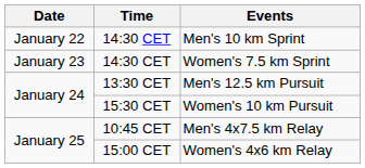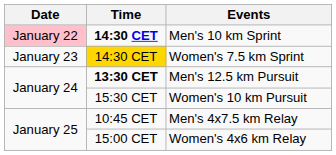 <table class="wikitable" style="text-align: center" width="400">
 <tr>
 <th>Date</th>
 <th>Time</th>
 <th>Events</th>
 </tr>
 <tr>
-<td>January 22</td>
-<td>14:30 <a href='#'>CET</a></td>
+<td style="background: pink;">January 22</td>
+<td><strong>14:30 <a href='#'>CET</a></strong></td>
 <td style="text-align: left">Men's 10 km Sprint</td>
 </tr>
 <tr>
 <td>January 23</td>
-<td>14:30 CET</td>
+<td style="background: gold;">14:30 CET</td>
 <td style="text-align: left">Women's 7.5 km Sprint</td>
 </tr>
 <tr>
 <td rowspan=2>January 24</td>
-<td>13:30 CET</td>
+<td><strong>13:30 CET</strong></td>
 <td style="text-align: left">Men's 12.5 km Pursuit</td>
 </tr>
 <tr>
 <td>15:30 CET</td>
 <td style="text-align: left">Women's 10 km Pursuit</td>
 </tr>
 <tr>
 <td rowspan=2>January 25</td>
 <td>10:45 CET</td>
 <td style="text-align: left">Men's 4x7.5 km Relay</td>
 </tr>
 <tr>
 <td>15:00 CET</td>
 <td style="text-align: left">Women's 4x6 km Relay</td>
 </tr>
 </table>
